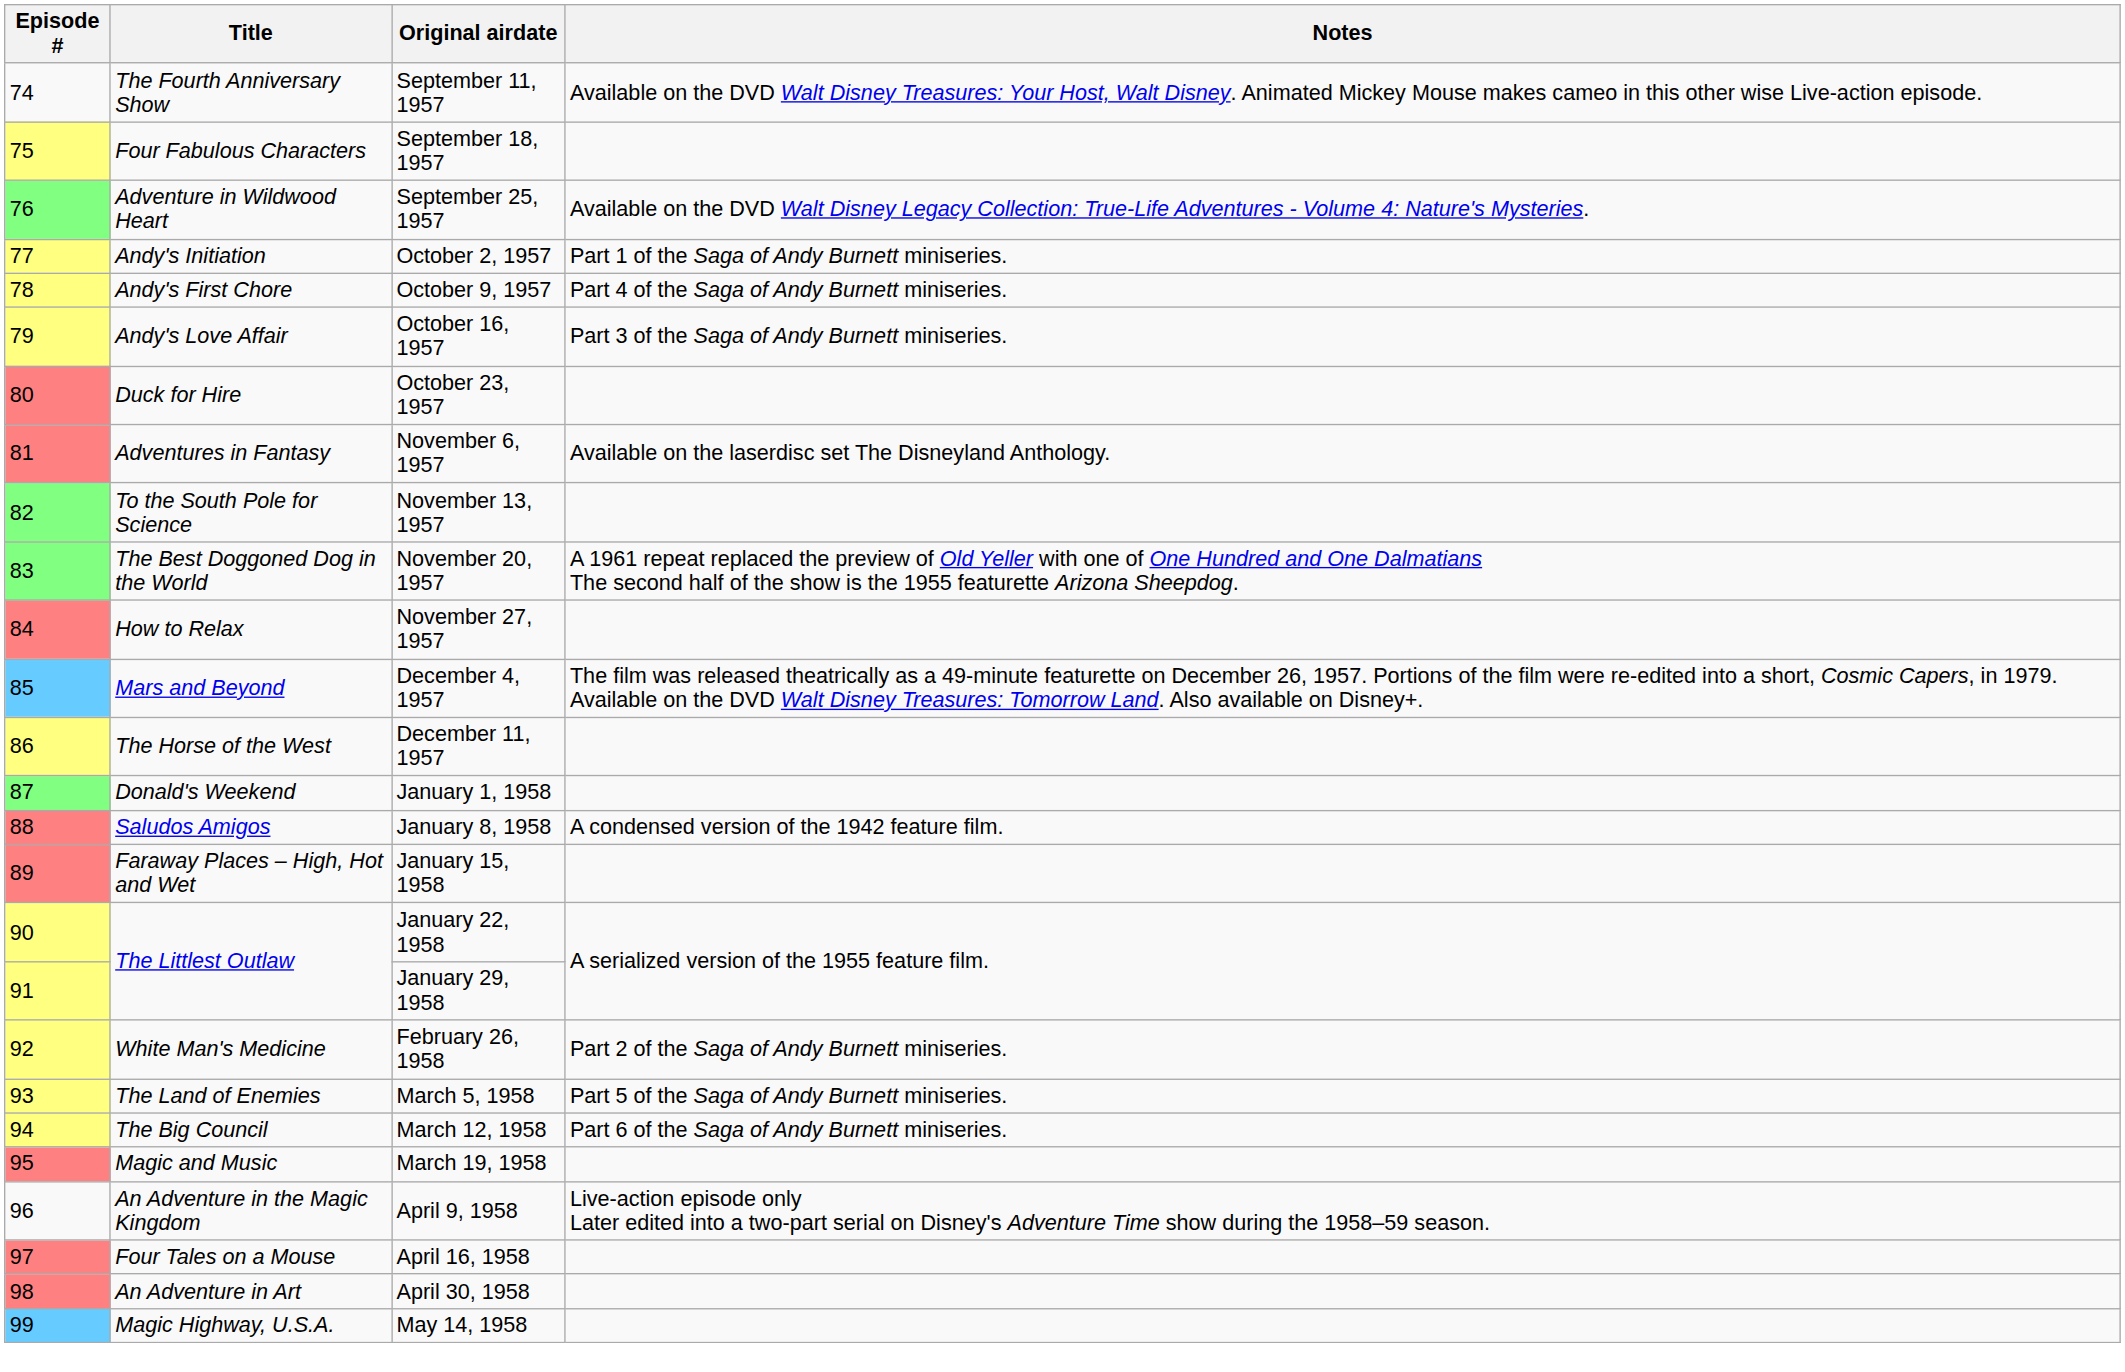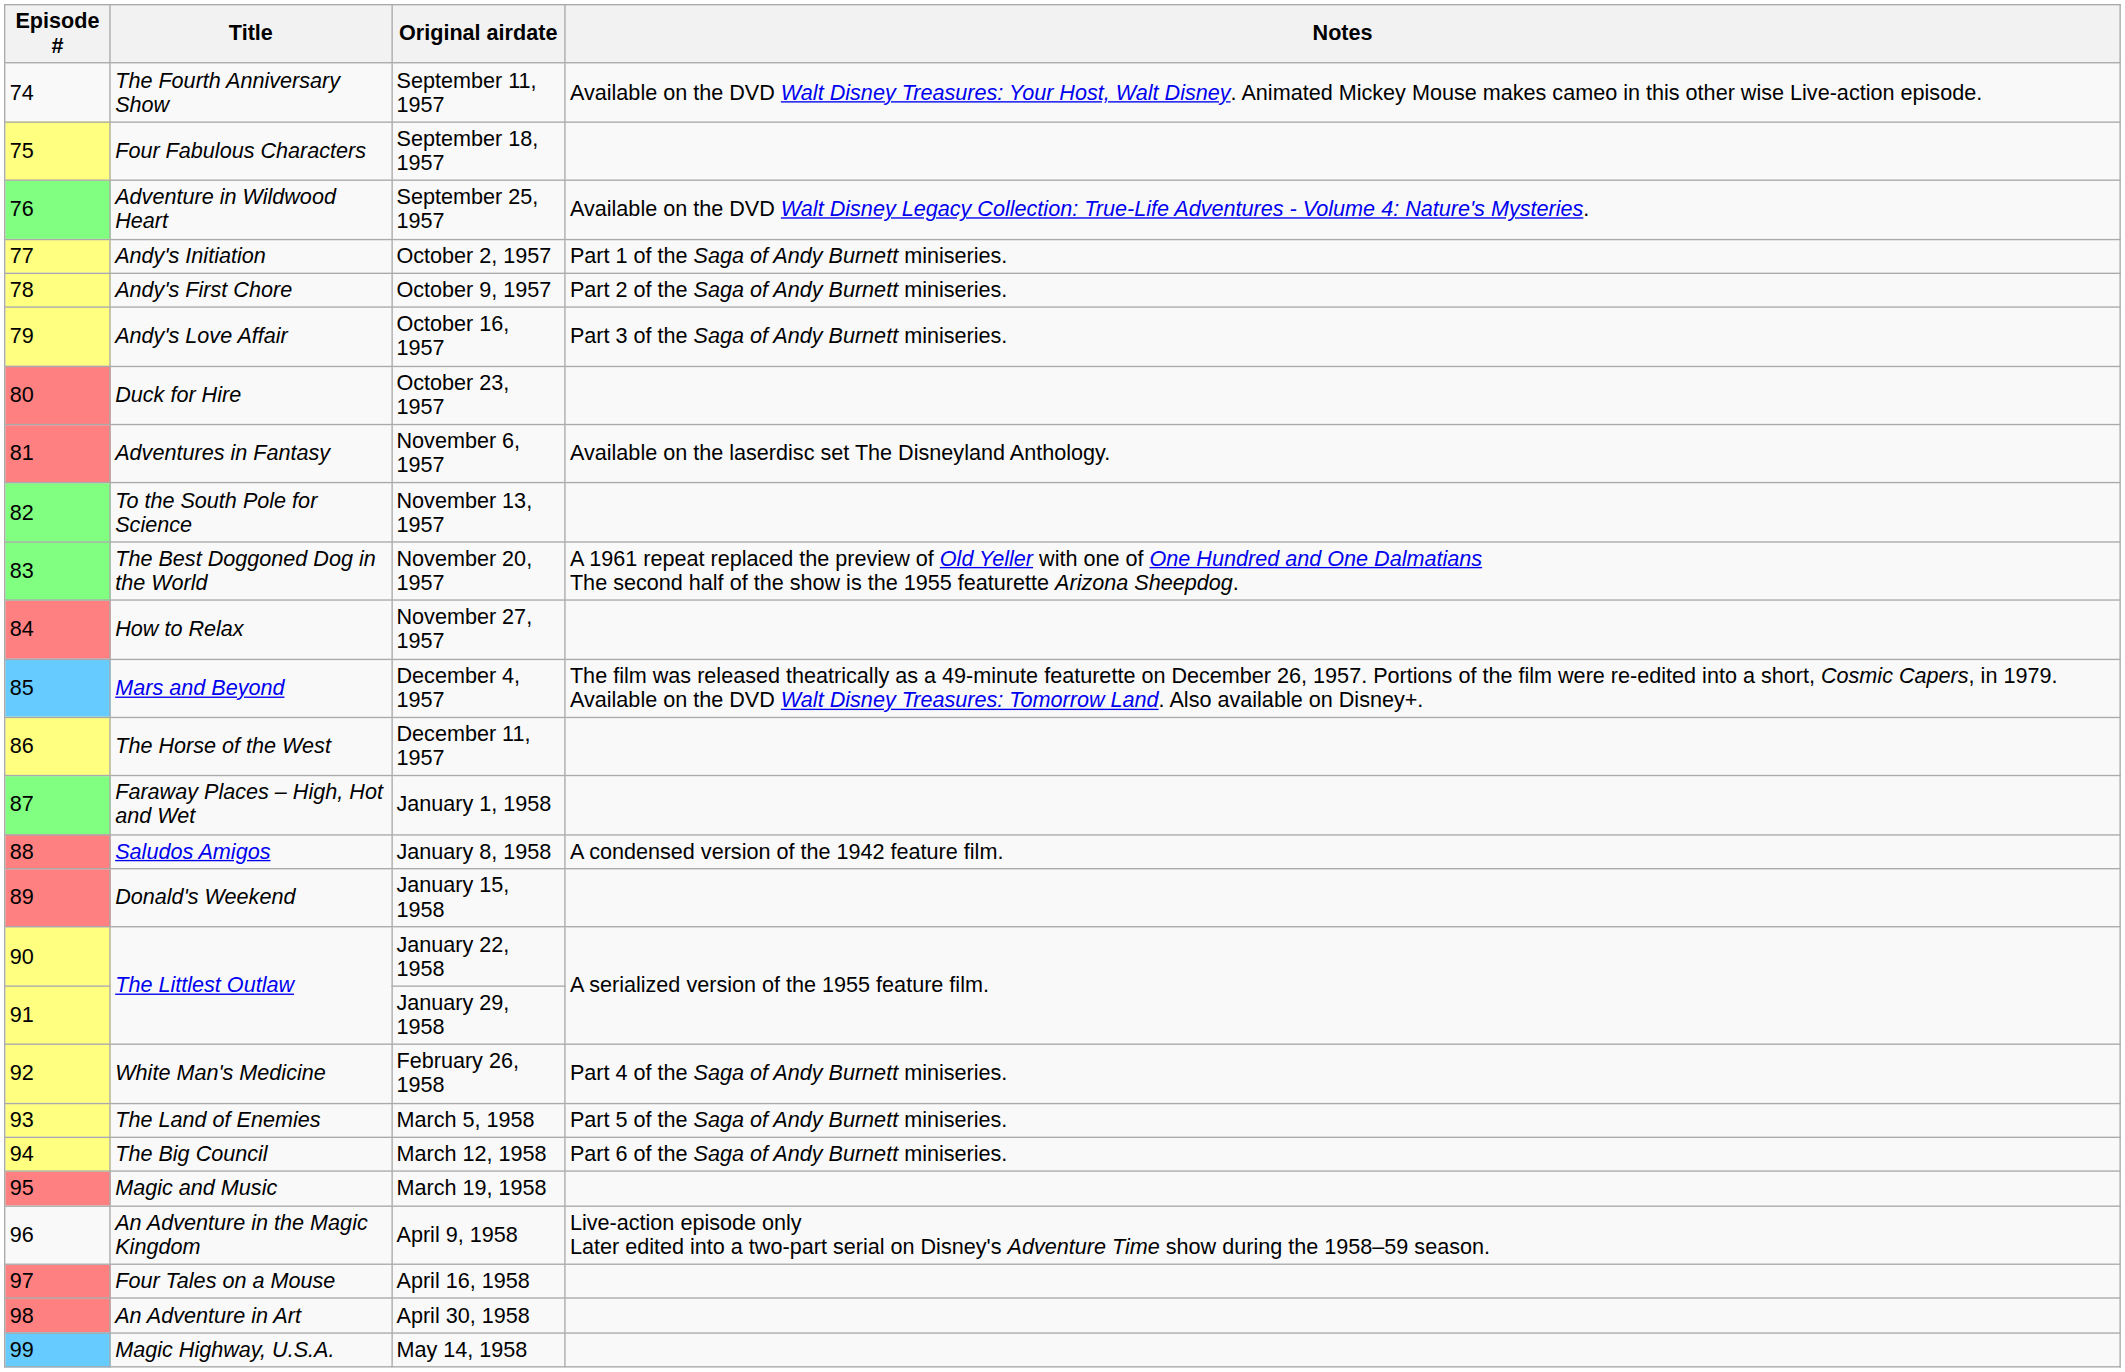 <table class="wikitable wikiepisodetable sortable">
 <tr>
 <th>Episode #</th>
 <th>Title</th>
 <th>Original airdate</th>
 <th>Notes</th>
 </tr>
 <tr>
 <td>74</td>
 <td><em>The Fourth Anniversary Show</em></td>
 <td>September 11, 1957</td>
 <td>Available on the DVD <em><a href='#'>Walt Disney Treasures: Your Host, Walt Disney</a></em>. Animated Mickey Mouse makes cameo in this other wise Live-action episode.</td>
 </tr>
 <tr>
 <td style="background:#ffff80;">75</td>
 <td><em>Four Fabulous Characters</em></td>
 <td>September 18, 1957</td>
 <td></td>
 </tr>
 <tr>
 <td style="background:#80ff80;">76</td>
 <td><em>Adventure in Wildwood Heart</em></td>
 <td>September 25, 1957</td>
 <td>Available on the DVD <em><a href='#'>Walt Disney Legacy Collection: True-Life Adventures - Volume 4: Nature's Mysteries</a></em>.</td>
 </tr>
 <tr>
 <td style="background:#ffff80;">77</td>
 <td><em>Andy's Initiation</em></td>
 <td>October 2, 1957</td>
 <td>Part 1 of the <em>Saga of Andy Burnett</em> miniseries.</td>
 </tr>
 <tr>
 <td style="background:#ffff80;">78</td>
 <td><em>Andy's First Chore</em></td>
 <td>October 9, 1957</td>
-<td>Part 4 of the <em>Saga of Andy Burnett</em> miniseries.</td>
+<td>Part 2 of the <em>Saga of Andy Burnett</em> miniseries.</td>
 </tr>
 <tr>
 <td style="background:#ffff80;">79</td>
 <td><em>Andy's Love Affair</em></td>
 <td>October 16, 1957</td>
 <td>Part 3 of the <em>Saga of Andy Burnett</em> miniseries.</td>
 </tr>
 <tr>
 <td style="background:#ff8080;">80</td>
 <td><em>Duck for Hire</em></td>
 <td>October 23, 1957</td>
 <td></td>
 </tr>
 <tr>
 <td style="background:#ff8080;">81</td>
 <td><em>Adventures in Fantasy</em></td>
 <td>November 6, 1957</td>
 <td>Available on the laserdisc set The Disneyland Anthology.</td>
 </tr>
 <tr>
 <td style="background:#80ff80;">82</td>
 <td><em>To the South Pole for Science</em></td>
 <td>November 13, 1957</td>
 <td></td>
 </tr>
 <tr>
 <td style="background:#80ff80;">83</td>
 <td><em>The Best Doggoned Dog in the World</em></td>
 <td>November 20, 1957</td>
 <td>A 1961 repeat replaced the preview of <em><a href='#'>Old Yeller</a></em> with one of <em><a href='#'>One Hundred and One Dalmatians</a></em><br>The second half of the show is the 1955 featurette <em>Arizona Sheepdog</em>.</td>
 </tr>
 <tr>
 <td style="background:#ff8080;">84</td>
 <td><em>How to Relax</em></td>
 <td>November 27, 1957</td>
 <td></td>
 </tr>
 <tr>
 <td style="background:#6cf;">85</td>
 <td><em><a href='#'>Mars and Beyond</a></em></td>
 <td>December 4, 1957</td>
 <td>The film was released theatrically as a 49-minute featurette on December 26, 1957. Portions of the film were re-edited into a short, <em>Cosmic Capers</em>, in 1979. Available on the DVD <em><a href='#'>Walt Disney Treasures: Tomorrow Land</a></em>. Also available on Disney+.</td>
 </tr>
 <tr>
 <td style="background:#ffff80;">86</td>
 <td><em>The Horse of the West</em></td>
 <td>December 11, 1957</td>
 <td></td>
 </tr>
 <tr>
 <td style="background:#80ff80;">87</td>
-<td><em>Donald's Weekend</em></td>
+<td><em>Faraway Places – High, Hot and Wet</em></td>
 <td>January 1, 1958</td>
 <td></td>
 </tr>
 <tr>
 <td style="background:#ff8080;">88</td>
 <td><em><a href='#'>Saludos Amigos</a></em></td>
 <td>January 8, 1958</td>
 <td>A condensed version of the 1942 feature film.</td>
 </tr>
 <tr>
 <td style="background:#ff8080;">89</td>
-<td><em>Faraway Places – High, Hot and Wet</em></td>
+<td><em>Donald's Weekend</em></td>
 <td>January 15, 1958</td>
 <td></td>
 </tr>
 <tr>
 <td style="background:#ffff80;">90</td>
 <td rowspan="2"><em><a href='#'>The Littlest Outlaw</a></em></td>
 <td>January 22, 1958</td>
 <td rowspan="2">A serialized version of the 1955 feature film.</td>
 </tr>
 <tr>
 <td style="background:#ffff80;">91</td>
 <td>January 29, 1958</td>
 </tr>
 <tr>
 <td style="background:#ffff80;">92</td>
 <td><em>White Man's Medicine</em></td>
 <td>February 26, 1958</td>
-<td>Part 2 of the <em>Saga of Andy Burnett</em> miniseries.</td>
+<td>Part 4 of the <em>Saga of Andy Burnett</em> miniseries.</td>
 </tr>
 <tr>
 <td style="background:#ffff80;">93</td>
 <td><em>The Land of Enemies</em></td>
 <td>March 5, 1958</td>
 <td>Part 5 of the <em>Saga of Andy Burnett</em> miniseries.</td>
 </tr>
 <tr>
 <td style="background:#ffff80;">94</td>
 <td><em>The Big Council</em></td>
 <td>March 12, 1958</td>
 <td>Part 6 of the <em>Saga of Andy Burnett</em> miniseries.</td>
 </tr>
 <tr>
 <td style="background:#ff8080;">95</td>
 <td><em>Magic and Music</em></td>
 <td>March 19, 1958</td>
 <td></td>
 </tr>
 <tr>
 <td>96</td>
 <td><em>An Adventure in the Magic Kingdom</em></td>
 <td>April 9, 1958</td>
 <td>Live-action episode only<br> Later edited into a two-part serial on Disney's <em>Adventure Time</em> show during the 1958–59 season.</td>
 </tr>
 <tr>
 <td style="background:#ff8080;">97</td>
 <td><em>Four Tales on a Mouse</em></td>
 <td>April 16, 1958</td>
 <td></td>
 </tr>
 <tr>
 <td style="background:#ff8080;">98</td>
 <td><em>An Adventure in Art</em></td>
 <td>April 30, 1958</td>
 <td></td>
 </tr>
 <tr>
 <td style="background:#6cf;">99</td>
 <td><em>Magic Highway, U.S.A.</em></td>
 <td>May 14, 1958</td>
 <td></td>
 </tr>
 </table>
